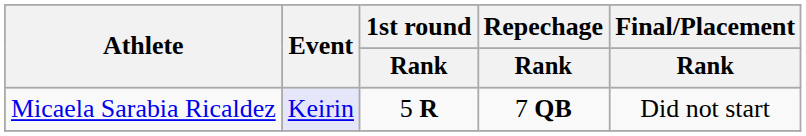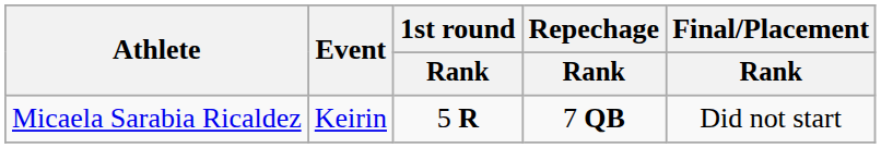 <table class="wikitable" style="font-size:90%">
 <tr>
 <th rowspan=2>Athlete</th>
 <th rowspan=2>Event</th>
 <th>1st round</th>
 <th>Repechage</th>
 <th>Final/Placement</th>
 </tr>
 <tr style="font-size:95%">
 <th>Rank</th>
 <th>Rank</th>
 <th>Rank</th>
 </tr>
 <tr align=center>
 <td align=left><a href='#'>Micaela Sarabia Ricaldez</a></td>
-<td align=left style="background: lavender;"><a href='#'>Keirin</a></td>
+<td align=left><a href='#'>Keirin</a></td>
 <td>5 <strong>R</strong></td>
 <td>7 <strong>QB</strong></td>
 <td>Did not start</td>
 </tr>
 </table>
